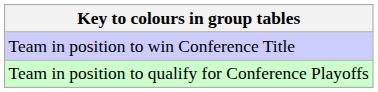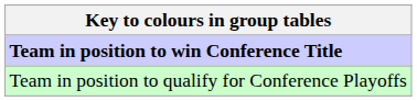 <table class="wikitable">
 <tr>
 <th>Key to colours in group tables</th>
 </tr>
 <tr style="background:#ccf;">
-<td>Team in position to win Conference Title</td>
+<td><strong>Team in position to win Conference Title</strong></td>
 </tr>
 <tr style="background:#cfc;">
 <td>Team in position to qualify for Conference Playoffs</td>
 </tr>
 </table>
